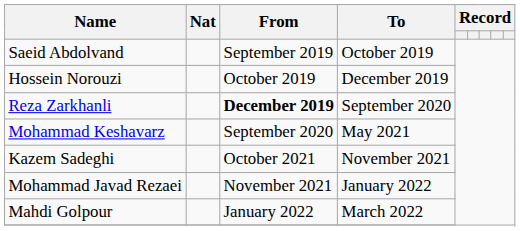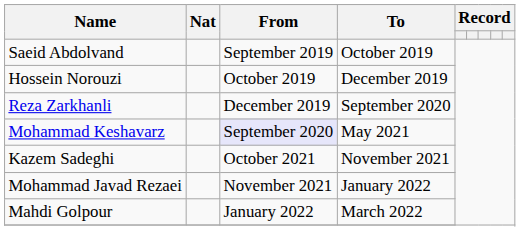 <table class="wikitable" style="text-align: center">
 <tr>
 <th rowspan="2">Name</th>
 <th rowspan="2">Nat</th>
 <th rowspan="2">From</th>
 <th rowspan="2">To</th>
 <th colspan="6">Record</th>
 </tr>
 <tr>
 <th></th>
 <th></th>
 <th></th>
 <th></th>
 <th></th>
 </tr>
 <tr>
 <td align=left>Saeid Abdolvand</td>
 <td align=left></td>
 <td align=left>September 2019</td>
 <td align=left>October 2019<br></td>
 </tr>
 <tr>
 <td align=left>Hossein Norouzi</td>
 <td align=left></td>
 <td align=left>October 2019</td>
 <td align=left>December 2019<br></td>
 </tr>
 <tr>
 <td align=left><a href='#'>Reza Zarkhanli</a></td>
 <td align=left></td>
-<td align=left><strong>December 2019</strong></td>
+<td align=left>December 2019</td>
 <td align=left>September 2020<br></td>
 </tr>
 <tr>
 <td align=left><a href='#'>Mohammad Keshavarz</a></td>
 <td align=left></td>
-<td align=left>September 2020</td>
+<td align=left style="background: lavender;">September 2020</td>
 <td align=left>May 2021<br></td>
 </tr>
 <tr>
 <td align=left>Kazem Sadeghi</td>
 <td align=left></td>
 <td align=left>October 2021</td>
 <td align=left>November 2021<br></td>
 </tr>
 <tr>
 <td align=left>Mohammad Javad Rezaei</td>
 <td align=left></td>
 <td align=left>November 2021</td>
 <td align=left>January 2022<br></td>
 </tr>
 <tr>
 <td align=left>Mahdi Golpour</td>
 <td align=left></td>
 <td align=left>January 2022</td>
 <td align=left>March 2022<br></td>
 </tr>
 <tr>
 </tr>
 </table>
